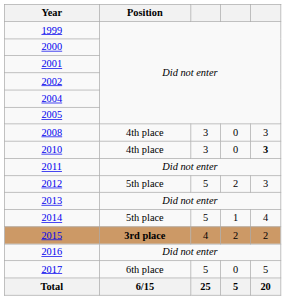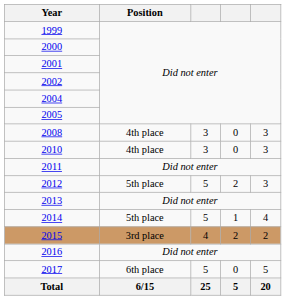 <table class="wikitable" style="text-align: center;font-size:90%;">
 <tr>
 <th width=125>Year</th>
 <th width=120>Position</th>
 <th width=35></th>
 <th width=35></th>
 <th width=35></th>
 </tr>
 <tr>
 <td> <a href='#'>1999</a></td>
 <td colspan="4" rowspan="6"><em>Did not enter</em></td>
 </tr>
 <tr>
 <td> <a href='#'>2000</a></td>
 </tr>
 <tr>
 <td> <a href='#'>2001</a></td>
 </tr>
 <tr>
 <td>  <a href='#'>2002</a></td>
 </tr>
 <tr>
 <td> <a href='#'>2004</a></td>
 </tr>
 <tr>
 <td> <a href='#'>2005</a></td>
 </tr>
 <tr>
 <td> <a href='#'>2008</a></td>
 <td>4th place</td>
 <td>3</td>
 <td>0</td>
 <td>3</td>
 </tr>
 <tr>
 <td> <a href='#'>2010</a></td>
 <td>4th place</td>
 <td>3</td>
 <td>0</td>
-<td><strong>3</strong></td>
+<td>3</td>
 </tr>
 <tr>
 <td> <a href='#'>2011</a></td>
 <td colspan="4"><em>Did not enter</em></td>
 </tr>
 <tr bgcolor=>
 <td> <a href='#'>2012</a></td>
 <td>5th place</td>
 <td>5</td>
 <td>2</td>
 <td>3</td>
 </tr>
 <tr>
 <td> <a href='#'>2013</a></td>
 <td colspan="4"><em>Did not enter</em></td>
 </tr>
 <tr>
 <td> <a href='#'>2014</a></td>
 <td>5th place</td>
 <td>5</td>
 <td>1</td>
 <td>4</td>
 </tr>
 <tr bgcolor="#cc9966">
 <td> <a href='#'>2015</a></td>
-<td><strong>3rd place</strong></td>
+<td>3rd place</td>
 <td>4</td>
 <td>2</td>
 <td>2</td>
 </tr>
 <tr>
 <td> <a href='#'>2016</a></td>
 <td colspan="4"><em>Did not enter</em></td>
 </tr>
 <tr>
 <td> <a href='#'>2017</a></td>
 <td>6th place</td>
 <td>5</td>
 <td>0</td>
 <td>5</td>
 </tr>
 <tr>
 <th>Total</th>
 <th>6/15</th>
 <th>25</th>
 <th>5</th>
 <th>20</th>
 </tr>
 </table>
